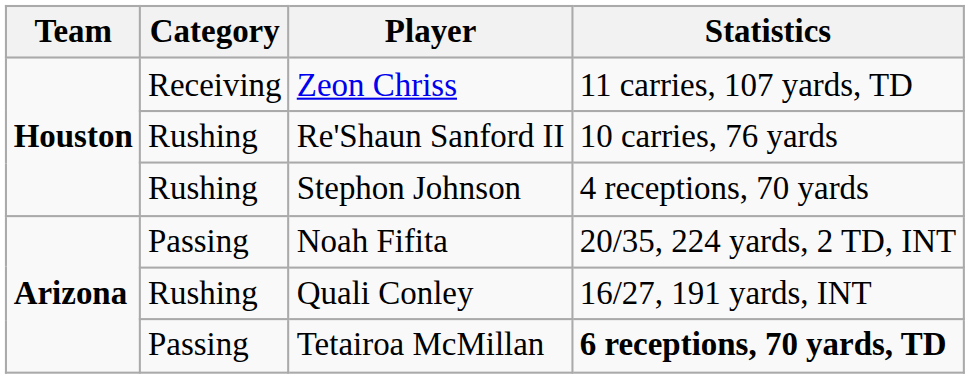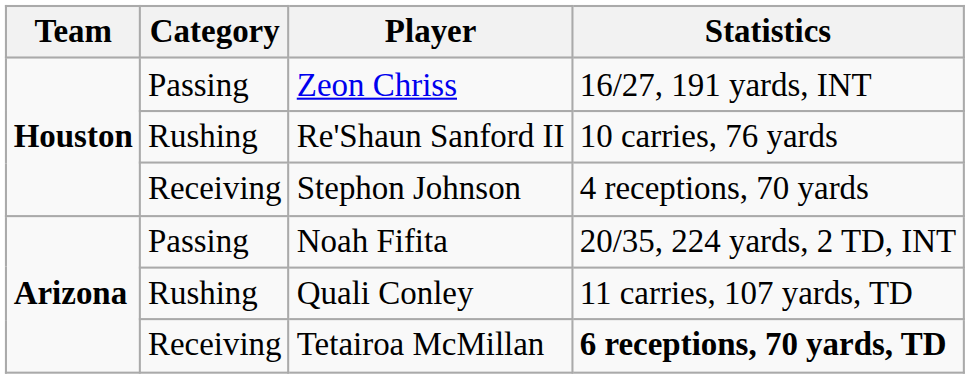 <table class="wikitable" style="float: right;">
 <tr>
 <th>Team</th>
 <th>Category</th>
 <th>Player</th>
 <th>Statistics</th>
 </tr>
 <tr>
 <td rowspan=3><strong>Houston</strong></td>
-<td>Receiving</td>
+<td>Passing</td>
 <td><a href='#'>Zeon Chriss</a></td>
-<td>11 carries, 107 yards, TD</td>
+<td>16/27, 191 yards, INT</td>
 </tr>
 <tr>
 <td>Rushing</td>
 <td>Re'Shaun Sanford II</td>
 <td>10 carries, 76 yards</td>
 </tr>
 <tr>
-<td>Rushing</td>
+<td>Receiving</td>
 <td>Stephon Johnson</td>
 <td>4 receptions, 70 yards</td>
 </tr>
 <tr>
 <td rowspan=3><strong>Arizona</strong></td>
 <td>Passing</td>
 <td>Noah Fifita</td>
 <td>20/35, 224 yards, 2 TD, INT</td>
 </tr>
 <tr>
 <td>Rushing</td>
 <td>Quali Conley</td>
-<td>16/27, 191 yards, INT</td>
+<td>11 carries, 107 yards, TD</td>
 </tr>
 <tr>
-<td>Passing</td>
+<td>Receiving</td>
 <td>Tetairoa McMillan</td>
 <td><strong>6 receptions, 70 yards, TD</strong></td>
 </tr>
 </table>
